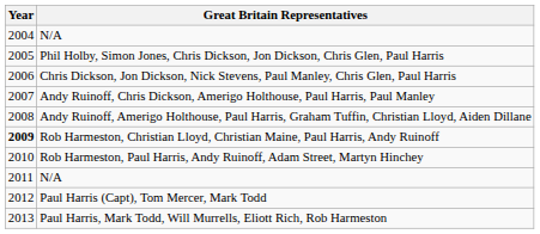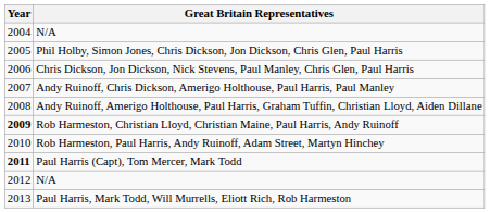 <table class="wikitable">
 <tr>
 <th>Year</th>
 <th>Great Britain Representatives</th>
 </tr>
 <tr>
 <td>2004</td>
 <td>N/A</td>
 </tr>
 <tr>
 <td>2005</td>
 <td>Phil Holby, Simon Jones, Chris Dickson, Jon Dickson, Chris Glen, Paul Harris</td>
 </tr>
 <tr>
 <td>2006</td>
 <td>Chris Dickson, Jon Dickson, Nick Stevens, Paul Manley, Chris Glen, Paul Harris</td>
 </tr>
 <tr>
 <td>2007</td>
 <td>Andy Ruinoff, Chris Dickson, Amerigo Holthouse, Paul Harris, Paul Manley</td>
 </tr>
 <tr>
 <td>2008</td>
 <td>Andy Ruinoff, Amerigo Holthouse, Paul Harris, Graham Tuffin, Christian Lloyd, Aiden Dillane</td>
 </tr>
 <tr>
 <td><strong>2009</strong></td>
 <td>Rob Harmeston, Christian Lloyd, Christian Maine, Paul Harris, Andy Ruinoff</td>
 </tr>
 <tr>
 <td>2010</td>
 <td>Rob Harmeston, Paul Harris, Andy Ruinoff, Adam Street, Martyn Hinchey</td>
 </tr>
 <tr>
-<td>2011</td>
-<td>N/A</td>
+<td><strong>2011</strong></td>
+<td>Paul Harris (Capt), Tom Mercer, Mark Todd</td>
 </tr>
 <tr>
 <td>2012</td>
-<td>Paul Harris (Capt), Tom Mercer, Mark Todd</td>
+<td>N/A</td>
 </tr>
 <tr>
 <td>2013</td>
 <td>Paul Harris, Mark Todd, Will Murrells, Eliott Rich, Rob Harmeston</td>
 </tr>
 </table>
